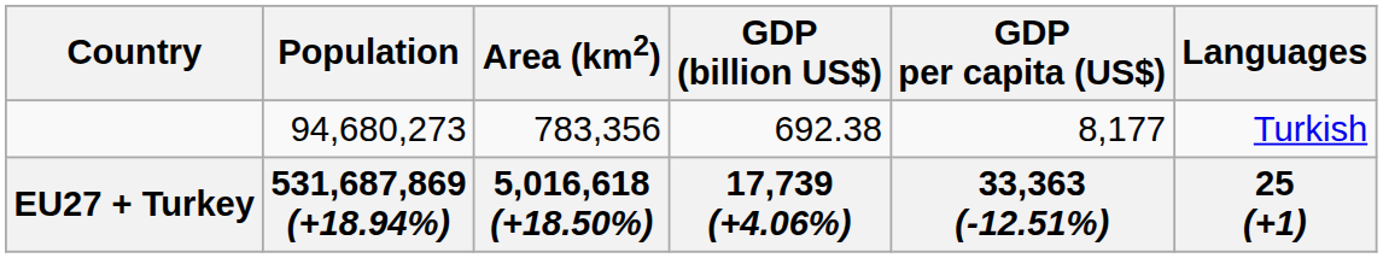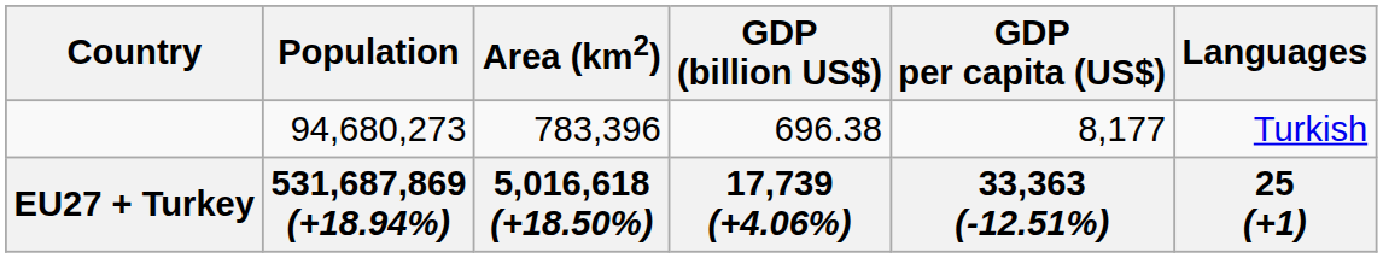 <table class="wikitable" style="text-align:right;">
 <tr>
 <th>Country</th>
 <th>Population</th>
 <th>Area (km<sup>2</sup>)</th>
 <th>GDP <br>(billion US$)</th>
 <th>GDP <br>per capita (US$)</th>
 <th>Languages</th>
 </tr>
 <tr>
 <td style="text-align:left;"><em></em></td>
 <td>94,680,273</td>
-<td>783,356</td>
-<td>692.38</td>
+<td>783,396</td>
+<td>696.38</td>
 <td>8,177</td>
 <td><a href='#'>Turkish</a></td>
 </tr>
 <tr>
 <th>EU27 + Turkey</th>
 <th>531,687,869 <br><em>(+18.94%)</em></th>
 <th>5,016,618 <br><em>(+18.50%)</em></th>
 <th>17,739 <br><em>(+4.06%)</em></th>
 <th>33,363 <br><em>(-12.51%)</em></th>
 <th>25<br><em>(+1)</em></th>
 </tr>
 </table>
